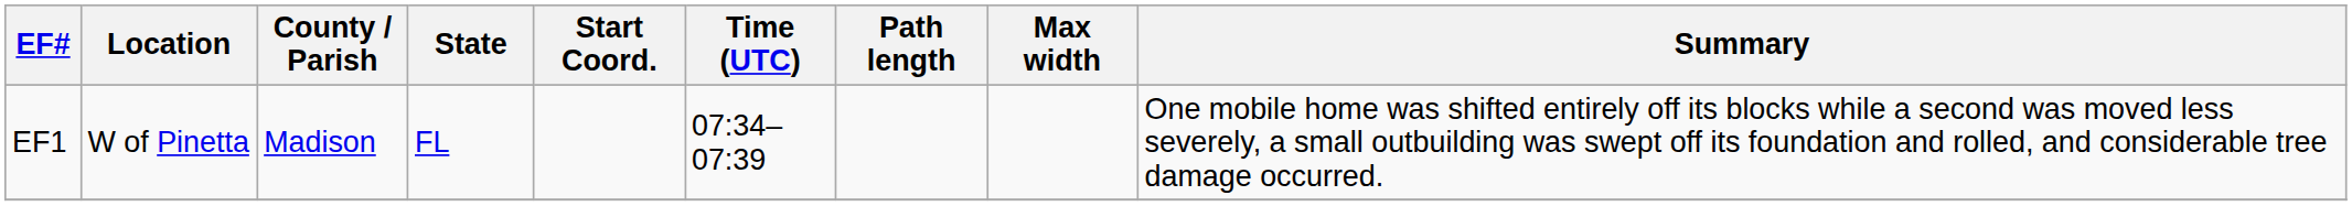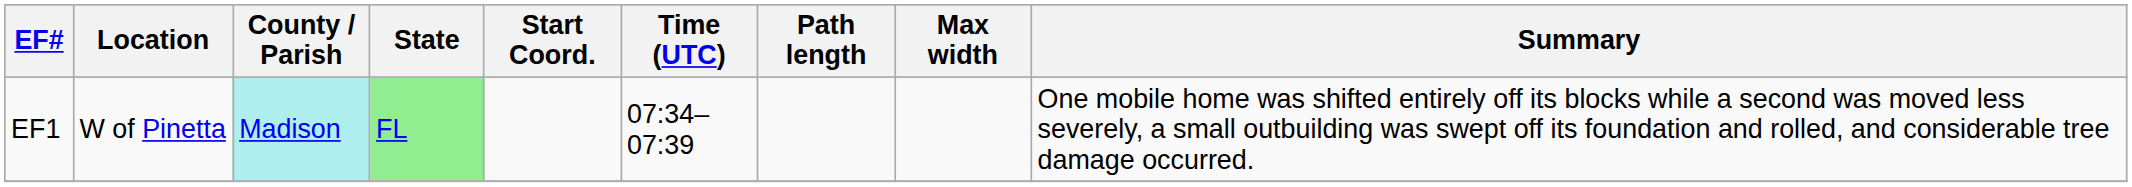 <table class="wikitable sortable" style="width:100%;">
 <tr>
 <th scope="col" style="width:3%; text-align:center;"><a href='#'>EF#</a></th>
 <th scope="col" style="width:7%; text-align:center;" class="unsortable">Location</th>
 <th scope="col" style="width:6%; text-align:center;" class="unsortable">County / Parish</th>
 <th scope="col" style="width:5%; text-align:center;">State</th>
 <th scope="col" style="width:6%; text-align:center;">Start Coord.</th>
 <th scope="col" style="width:6%; text-align:center;">Time (<a href='#'>UTC</a>)</th>
 <th scope="col" style="width:6%; text-align:center;">Path length</th>
 <th scope="col" style="width:6%; text-align:center;">Max width</th>
 <th scope="col" class="unsortable" style="width:48%; text-align:center;">Summary</th>
 </tr>
 <tr>
 <td bgcolor=>EF1</td>
 <td>W of <a href='#'>Pinetta</a></td>
-<td><a href='#'>Madison</a></td>
-<td><a href='#'>FL</a></td>
+<td style="background: paleturquoise;"><a href='#'>Madison</a></td>
+<td style="background: lightgreen;"><a href='#'>FL</a></td>
 <td></td>
 <td>07:34–07:39</td>
 <td></td>
 <td></td>
 <td>One mobile home was shifted entirely off its blocks while a second was moved less severely, a small outbuilding was swept off its foundation and rolled, and considerable tree damage occurred.</td>
 </tr>
 <tr>
 </tr>
 </table>
